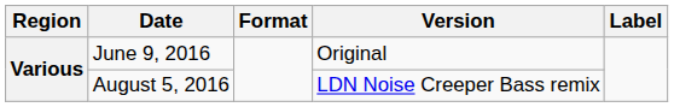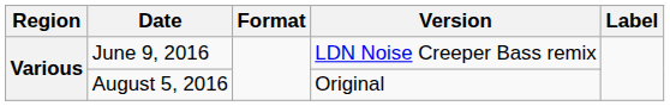 <table class="wikitable plainrowheaders">
 <tr>
 <th>Region</th>
 <th>Date</th>
 <th>Format</th>
 <th>Version</th>
 <th>Label</th>
 </tr>
 <tr>
 <th rowspan="2" scope="row">Various </th>
 <td>June 9, 2016</td>
 <td rowspan="2"></td>
-<td>Original</td>
+<td><a href='#'>LDN Noise</a> Creeper Bass remix</td>
 <td rowspan="2"></td>
 </tr>
 <tr>
 <td>August 5, 2016</td>
-<td><a href='#'>LDN Noise</a> Creeper Bass remix</td>
+<td>Original</td>
 </tr>
 </table>
